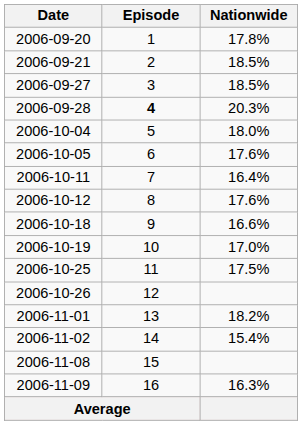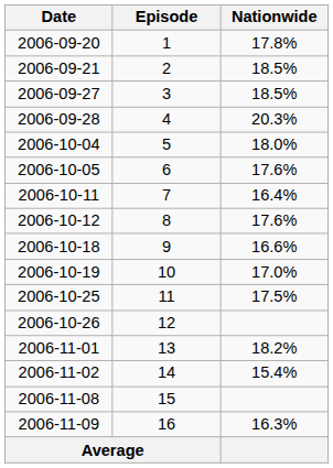 <table class="wikitable">
 <tr>
 <th width=100>Date</th>
 <th width=100>Episode</th>
 <th width=100>Nationwide</th>
 </tr>
 <tr align=center>
 <td>2006-09-20</td>
 <td>1</td>
 <td>17.8%</td>
 </tr>
 <tr align=center>
 <td>2006-09-21</td>
 <td>2</td>
 <td>18.5%</td>
 </tr>
 <tr align=center>
 <td>2006-09-27</td>
 <td>3</td>
 <td>18.5%</td>
 </tr>
 <tr align=center>
 <td>2006-09-28</td>
-<td><strong>4</strong></td>
+<td>4</td>
 <td>20.3%</td>
 </tr>
 <tr align=center>
 <td>2006-10-04</td>
 <td>5</td>
 <td>18.0%</td>
 </tr>
 <tr align=center>
 <td>2006-10-05</td>
 <td>6</td>
 <td>17.6%</td>
 </tr>
 <tr align=center>
 <td>2006-10-11</td>
 <td>7</td>
 <td>16.4%</td>
 </tr>
 <tr align=center>
 <td>2006-10-12</td>
 <td>8</td>
 <td>17.6%</td>
 </tr>
 <tr align=center>
 <td>2006-10-18</td>
 <td>9</td>
 <td>16.6%</td>
 </tr>
 <tr align=center>
 <td>2006-10-19</td>
 <td>10</td>
 <td>17.0%</td>
 </tr>
 <tr align=center>
 <td>2006-10-25</td>
 <td>11</td>
 <td>17.5%</td>
 </tr>
 <tr align=center>
 <td>2006-10-26</td>
 <td>12</td>
 <td></td>
 </tr>
 <tr align=center>
 <td>2006-11-01</td>
 <td>13</td>
 <td>18.2%</td>
 </tr>
 <tr align=center>
 <td>2006-11-02</td>
 <td>14</td>
 <td>15.4%</td>
 </tr>
 <tr align=center>
 <td>2006-11-08</td>
 <td>15</td>
 <td></td>
 </tr>
 <tr align=center>
 <td>2006-11-09</td>
 <td>16</td>
 <td>16.3%</td>
 </tr>
 <tr style="text-align:center; background:#fcc;">
 <th colspan=2>Average</th>
 <th></th>
 </tr>
 </table>
